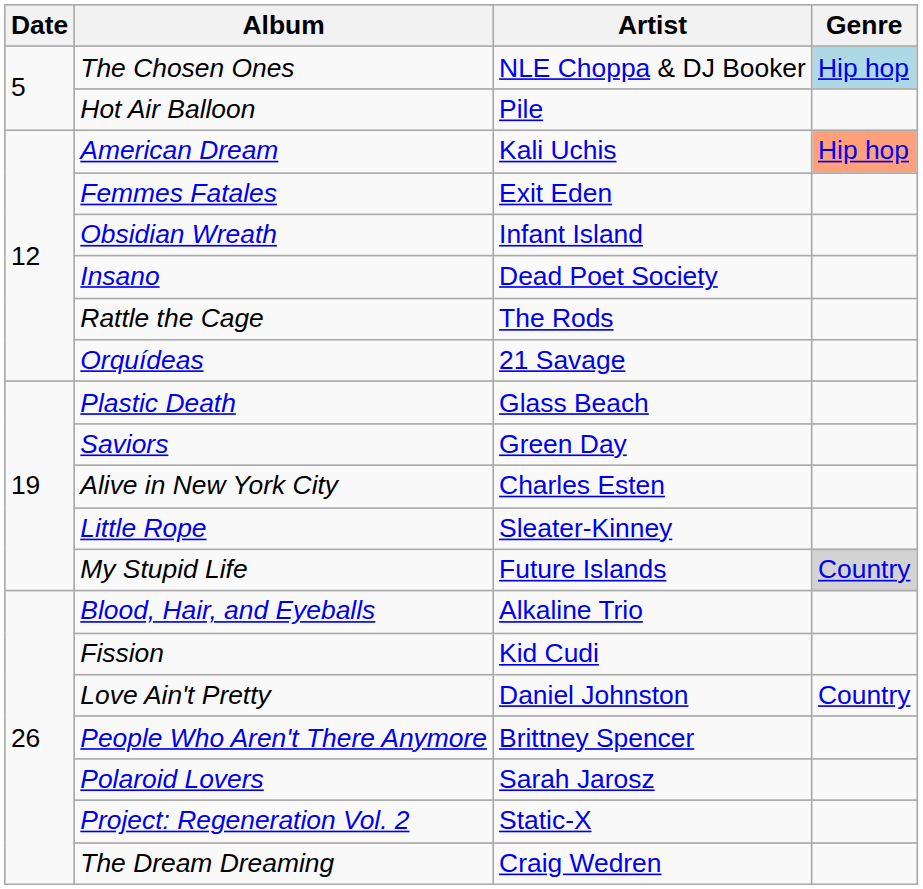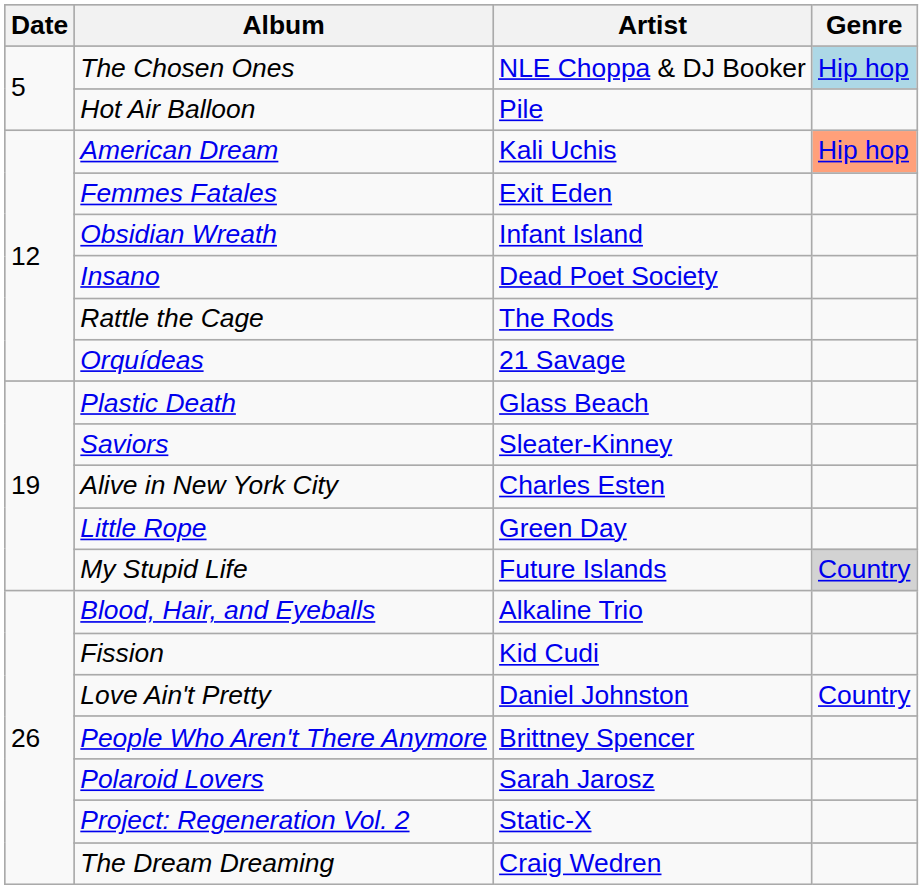 <table class="wikitable">
 <tr>
 <th>Date</th>
 <th>Album</th>
 <th>Artist</th>
 <th>Genre</th>
 </tr>
 <tr>
 <td rowspan="2">5</td>
 <td><em>The Chosen Ones</em></td>
 <td><a href='#'>NLE Choppa</a> & DJ Booker</td>
 <td style="background: lightblue;"><a href='#'>Hip hop</a></td>
 </tr>
 <tr>
 <td><em>Hot Air Balloon</em></td>
 <td><a href='#'>Pile</a></td>
 <td></td>
 </tr>
 <tr>
 <td rowspan="6">12</td>
 <td><em><a href='#'>American Dream</a></em></td>
 <td><a href='#'>Kali Uchis</a></td>
 <td style="background: lightsalmon;"><a href='#'>Hip hop</a></td>
 </tr>
 <tr>
 <td><em><a href='#'>Femmes Fatales</a></em></td>
 <td><a href='#'>Exit Eden</a></td>
 <td></td>
 </tr>
 <tr>
 <td><em><a href='#'>Obsidian Wreath</a></em></td>
 <td><a href='#'>Infant Island</a></td>
 <td></td>
 </tr>
 <tr>
 <td><em><a href='#'>Insano</a></em></td>
 <td><a href='#'>Dead Poet Society</a></td>
 <td></td>
 </tr>
 <tr>
 <td><em>Rattle the Cage</em></td>
 <td><a href='#'>The Rods</a></td>
 <td></td>
 </tr>
 <tr>
 <td><em><a href='#'>Orquídeas</a></em></td>
 <td><a href='#'>21 Savage</a></td>
 <td></td>
 </tr>
 <tr>
 <td rowspan="5">19</td>
 <td><em><a href='#'>Plastic Death</a></em></td>
 <td><a href='#'>Glass Beach</a></td>
 <td></td>
 </tr>
 <tr>
 <td><em><a href='#'>Saviors</a></em></td>
-<td><a href='#'>Green Day</a></td>
+<td><a href='#'>Sleater-Kinney</a></td>
 <td></td>
 </tr>
 <tr>
 <td><em>Alive in New York City</em></td>
 <td><a href='#'>Charles Esten</a></td>
 <td></td>
 </tr>
 <tr>
 <td><em><a href='#'>Little Rope</a></em></td>
-<td><a href='#'>Sleater-Kinney</a></td>
+<td><a href='#'>Green Day</a></td>
 <td></td>
 </tr>
 <tr>
 <td><em>My Stupid Life</em></td>
 <td><a href='#'>Future Islands</a></td>
 <td style="background: lightgrey;"><a href='#'>Country</a></td>
 </tr>
 <tr>
 <td rowspan="7">26</td>
 <td><em><a href='#'>Blood, Hair, and Eyeballs</a></em></td>
 <td><a href='#'>Alkaline Trio</a></td>
 <td></td>
 </tr>
 <tr>
 <td><em>Fission</em></td>
 <td><a href='#'>Kid Cudi</a></td>
 <td></td>
 </tr>
 <tr>
 <td><em>Love Ain't Pretty</em></td>
 <td><a href='#'>Daniel Johnston</a></td>
 <td><a href='#'>Country</a></td>
 </tr>
 <tr>
 <td><em><a href='#'>People Who Aren't There Anymore</a></em></td>
 <td><a href='#'>Brittney Spencer</a></td>
 <td></td>
 </tr>
 <tr>
 <td><em><a href='#'>Polaroid Lovers</a></em></td>
 <td><a href='#'>Sarah Jarosz</a></td>
 <td></td>
 </tr>
 <tr>
 <td><em><a href='#'>Project: Regeneration Vol. 2</a></em></td>
 <td><a href='#'>Static-X</a></td>
 <td></td>
 </tr>
 <tr>
 <td><em>The Dream Dreaming</em></td>
 <td><a href='#'>Craig Wedren</a></td>
 <td></td>
 </tr>
 </table>
